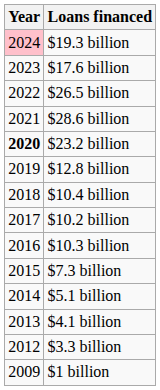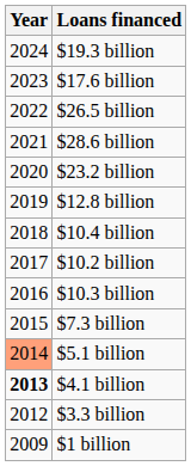 <table class="wikitable">
 <tr>
 <th>Year</th>
 <th>Loans financed</th>
 </tr>
 <tr>
-<td style="background: pink;">2024</td>
+<td>2024</td>
 <td>$19.3 billion</td>
 </tr>
 <tr>
 <td>2023</td>
 <td>$17.6 billion</td>
 </tr>
 <tr>
 <td>2022</td>
 <td>$26.5 billion</td>
 </tr>
 <tr>
 <td>2021</td>
 <td>$28.6 billion</td>
 </tr>
 <tr>
-<td><strong>2020</strong></td>
+<td>2020</td>
 <td>$23.2 billion</td>
 </tr>
 <tr>
 <td>2019</td>
 <td>$12.8 billion</td>
 </tr>
 <tr>
 <td>2018</td>
 <td>$10.4 billion</td>
 </tr>
 <tr>
 <td>2017</td>
 <td>$10.2 billion</td>
 </tr>
 <tr>
 <td>2016</td>
 <td>$10.3 billion</td>
 </tr>
 <tr>
 <td>2015</td>
 <td>$7.3 billion</td>
 </tr>
 <tr>
-<td>2014</td>
+<td style="background: lightsalmon;">2014</td>
 <td>$5.1 billion</td>
 </tr>
 <tr>
-<td>2013</td>
+<td><strong>2013</strong></td>
 <td>$4.1 billion</td>
 </tr>
 <tr>
 <td>2012</td>
 <td>$3.3 billion</td>
 </tr>
 <tr>
 <td>2009</td>
 <td>$1 billion</td>
 </tr>
 </table>
